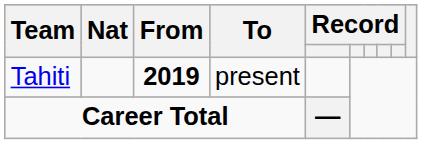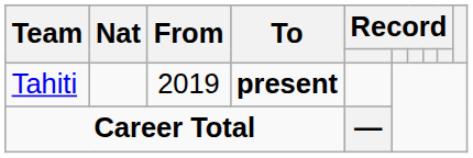 <table class="wikitable" style="text-align: center">
 <tr>
 <th rowspan="2">Team</th>
 <th rowspan="2">Nat</th>
 <th rowspan="2">From</th>
 <th rowspan="2">To</th>
 <th colspan="5">Record</th>
 <th rowspan=2></th>
 </tr>
 <tr>
 <th></th>
 <th></th>
 <th></th>
 <th></th>
 <th></th>
 </tr>
 <tr>
 <td align="left"><a href='#'>Tahiti</a></td>
 <td align="center"></td>
-<td align="center"><strong>2019</strong></td>
-<td align="center">present<br></td>
+<td align="center">2019</td>
+<td align="center"><strong>present<br></strong></td>
 <td></td>
 </tr>
 <tr>
 <td colspan=4><strong>Career Total</strong><br></td>
 <th>—</th>
 </tr>
 </table>
